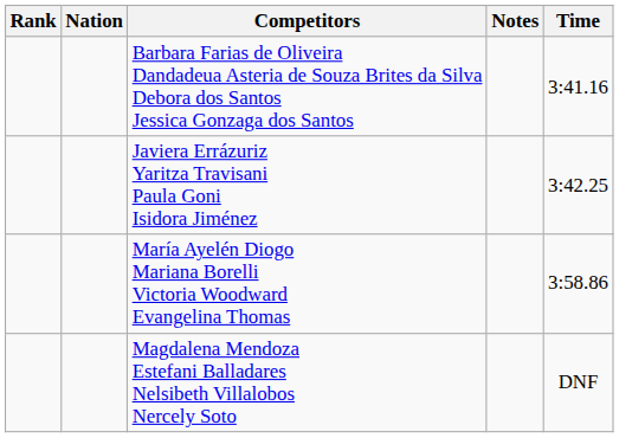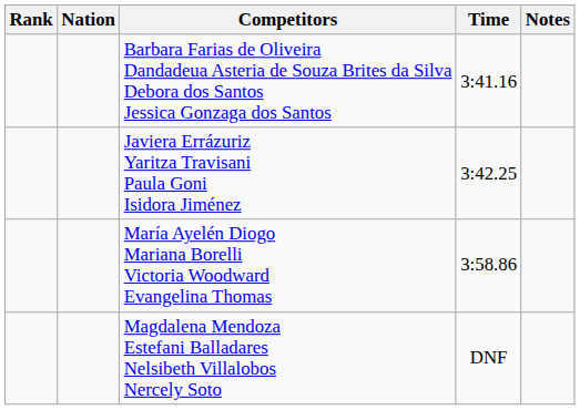 <table class="wikitable sortable" style="text-align:center">
 <tr>
 <th>Rank</th>
 <th>Nation</th>
 <th>Competitors</th>
+<th>Time</th>
 <th>Notes</th>
-<th>Time</th>
 </tr>
 <tr>
 <td></td>
 <td align=left></td>
 <td align=left><a href='#'>Barbara Farias de Oliveira</a><br><a href='#'>Dandadeua Asteria de Souza Brites da Silva</a><br><a href='#'>Debora dos Santos</a><br><a href='#'>Jessica Gonzaga dos Santos</a></td>
+<td>3:41.16</td>
 <td></td>
-<td>3:41.16</td>
 </tr>
 <tr>
 <td></td>
 <td align=left></td>
 <td align=left><a href='#'>Javiera Errázuriz</a><br><a href='#'>Yaritza Travisani</a><br><a href='#'>Paula Goni</a><br><a href='#'>Isidora Jiménez</a></td>
+<td>3:42.25</td>
 <td></td>
-<td>3:42.25</td>
 </tr>
 <tr>
 <td></td>
 <td align=left></td>
 <td align=left><a href='#'>María Ayelén Diogo</a><br><a href='#'>Mariana Borelli</a><br><a href='#'>Victoria Woodward</a><br><a href='#'>Evangelina Thomas</a></td>
+<td>3:58.86</td>
 <td></td>
-<td>3:58.86</td>
 </tr>
 <tr>
 <td></td>
 <td align=left></td>
 <td align=left><a href='#'>Magdalena Mendoza</a><br><a href='#'>Estefani Balladares</a><br><a href='#'>Nelsibeth Villalobos</a><br><a href='#'>Nercely Soto</a></td>
+<td>DNF</td>
 <td></td>
-<td>DNF</td>
 </tr>
 </table>
